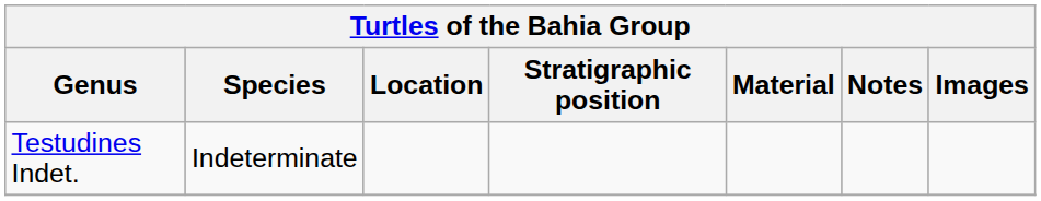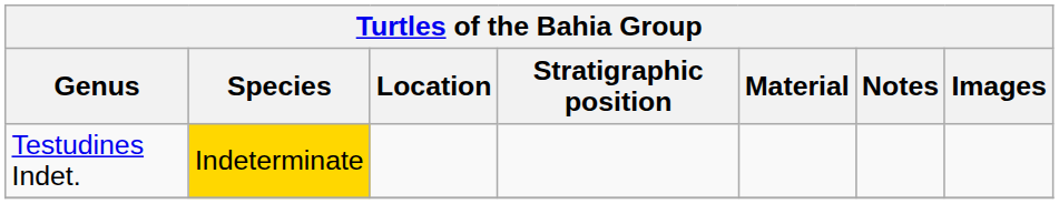 <table class="wikitable" align="center">
 <tr>
 <th colspan="7" align="center"><a href='#'>Turtles</a> of the Bahia Group</th>
 </tr>
 <tr>
 <th>Genus</th>
 <th>Species</th>
 <th>Location</th>
 <th>Stratigraphic position</th>
 <th>Material</th>
 <th>Notes</th>
 <th>Images</th>
 </tr>
 <tr>
 <td><a href='#'>Testudines</a> Indet.</td>
-<td>Indeterminate</td>
+<td style="background: gold;">Indeterminate</td>
 <td></td>
 <td></td>
 <td></td>
 <td></td>
 <td></td>
 </tr>
 <tr>
 </tr>
 </table>
